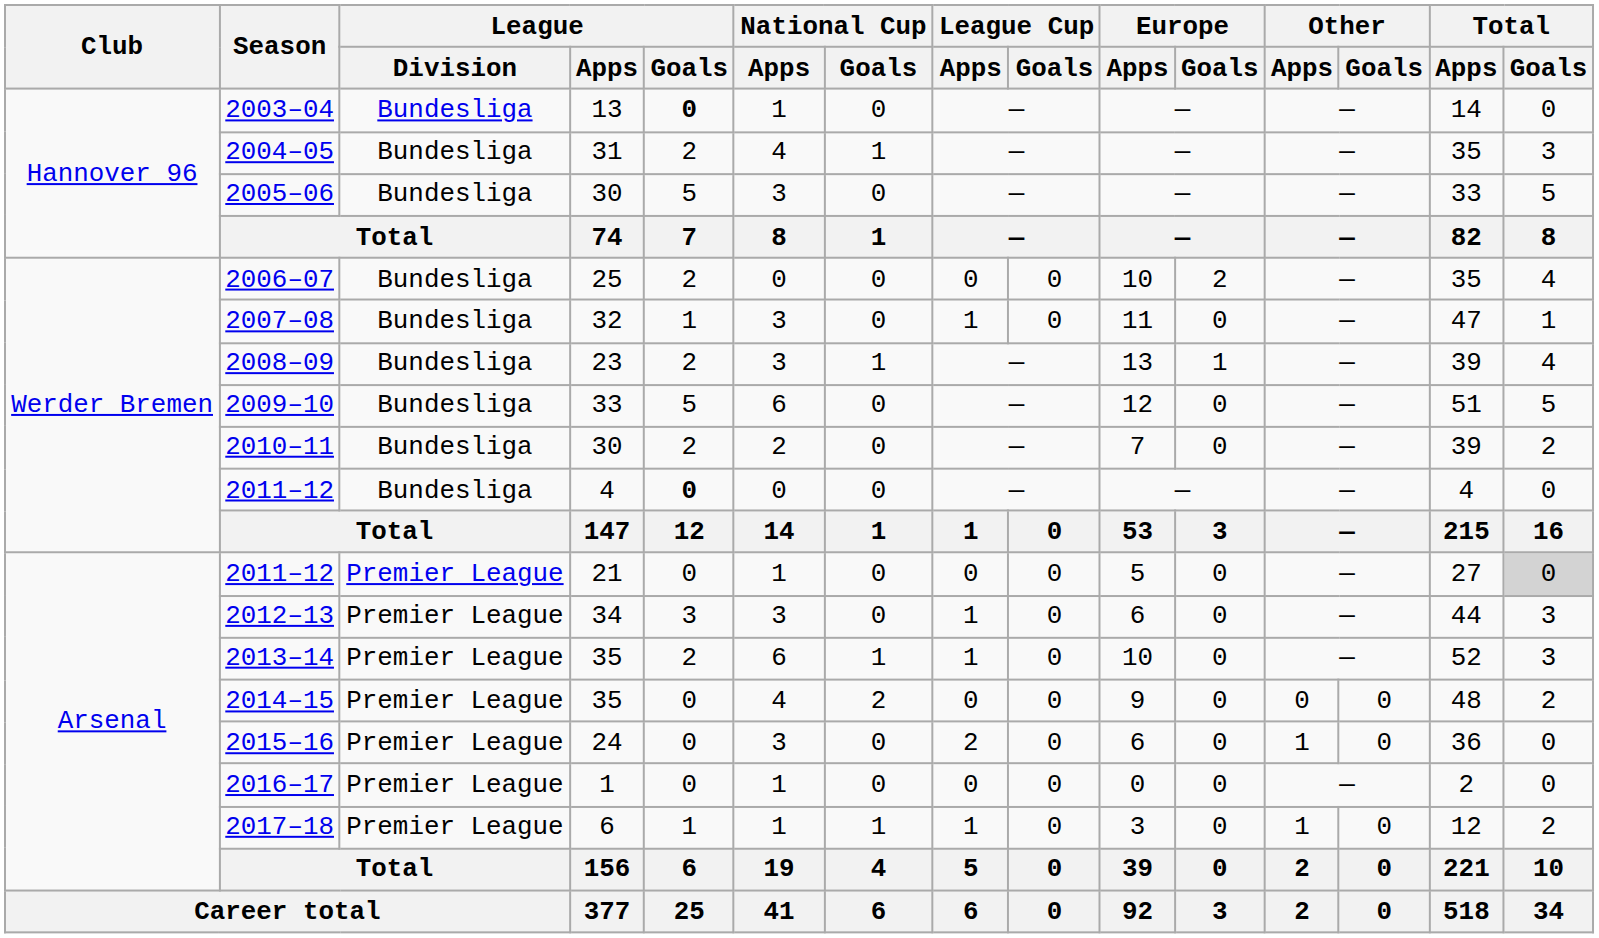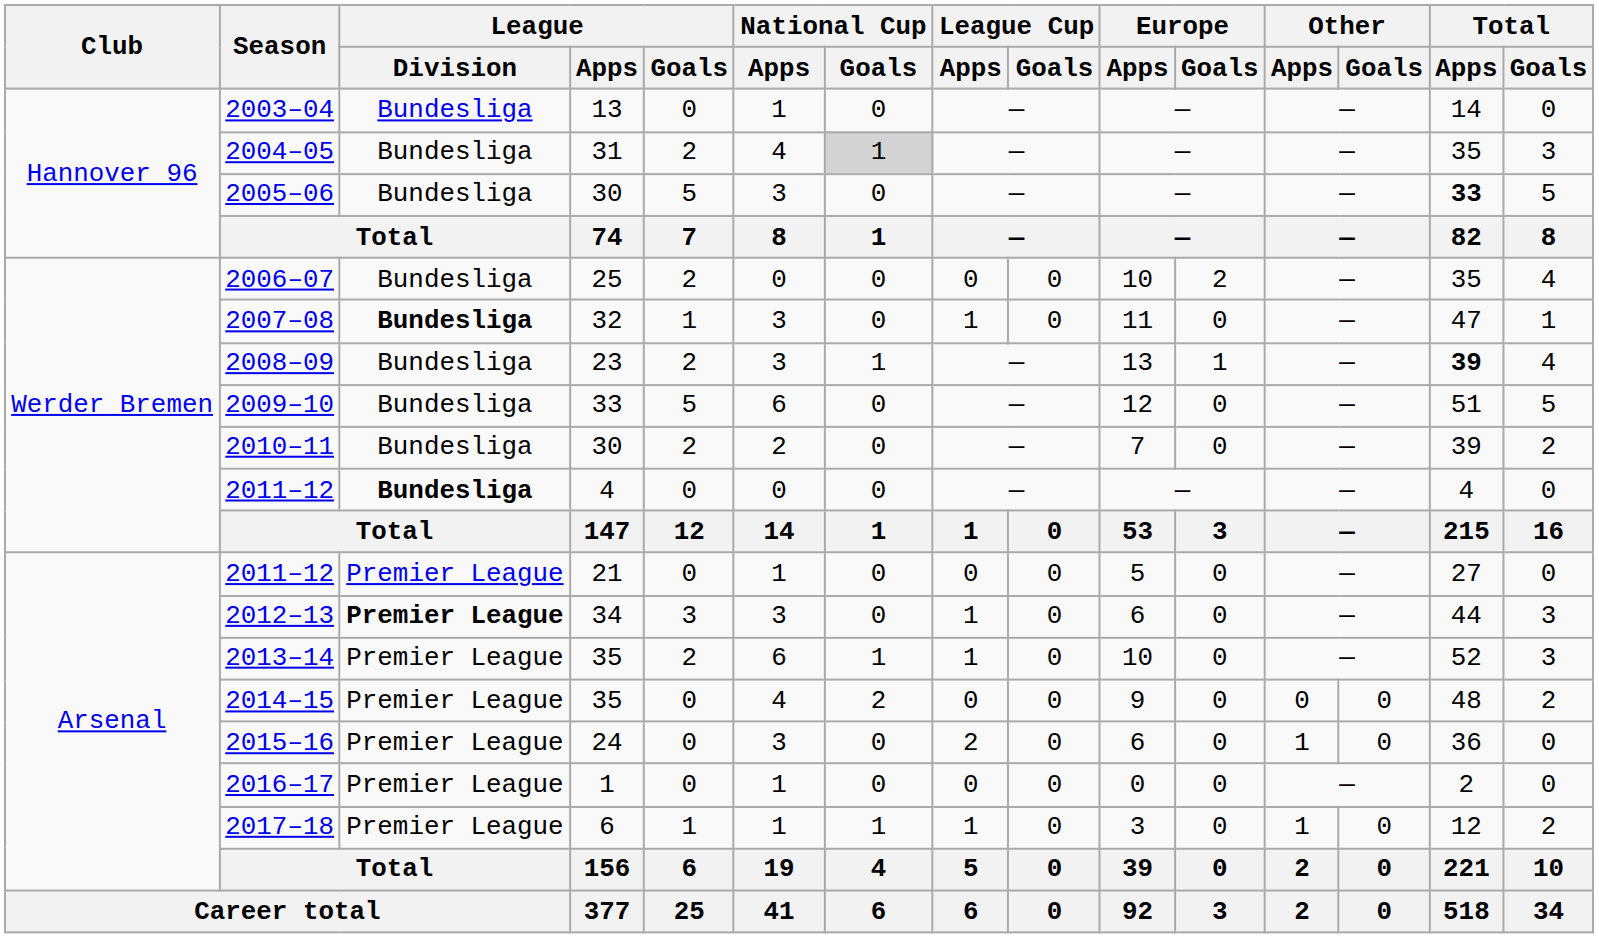 <table class="wikitable" style="text-align:center">
 <tr>
 <th rowspan="2">Club</th>
 <th rowspan="2">Season</th>
 <th colspan="3">League</th>
 <th colspan="2">National Cup</th>
 <th colspan="2">League Cup</th>
 <th colspan="2">Europe</th>
 <th colspan="2">Other</th>
 <th colspan="2">Total</th>
 </tr>
 <tr>
 <th>Division</th>
 <th>Apps</th>
 <th>Goals</th>
 <th>Apps</th>
 <th>Goals</th>
 <th>Apps</th>
 <th>Goals</th>
 <th>Apps</th>
 <th>Goals</th>
 <th>Apps</th>
 <th>Goals</th>
 <th>Apps</th>
 <th>Goals</th>
 </tr>
 <tr>
 <td rowspan="4"><a href='#'>Hannover 96</a></td>
 <td><a href='#'>2003–04</a></td>
 <td><a href='#'>Bundesliga</a></td>
 <td>13</td>
-<td><strong>0</strong></td>
+<td>0</td>
 <td>1</td>
 <td>0</td>
 <td colspan="2">—</td>
 <td colspan="2">—</td>
 <td colspan="2">—</td>
 <td>14</td>
 <td>0</td>
 </tr>
 <tr>
 <td><a href='#'>2004–05</a></td>
 <td>Bundesliga</td>
 <td>31</td>
 <td>2</td>
 <td>4</td>
-<td>1</td>
+<td style="background: lightgrey;">1</td>
 <td colspan="2">—</td>
 <td colspan="2">—</td>
 <td colspan="2">—</td>
 <td>35</td>
 <td>3</td>
 </tr>
 <tr>
 <td><a href='#'>2005–06</a></td>
 <td>Bundesliga</td>
 <td>30</td>
 <td>5</td>
 <td>3</td>
 <td>0</td>
 <td colspan="2">—</td>
 <td colspan="2">—</td>
 <td colspan="2">—</td>
-<td>33</td>
+<td><strong>33</strong></td>
 <td>5</td>
 </tr>
 <tr>
 <th colspan="2">Total</th>
 <th>74</th>
 <th>7</th>
 <th>8</th>
 <th>1</th>
 <th colspan="2">—</th>
 <th colspan="2">—</th>
 <th colspan="2">—</th>
 <th>82</th>
 <th>8</th>
 </tr>
 <tr>
 <td rowspan="7"><a href='#'>Werder Bremen</a></td>
 <td><a href='#'>2006–07</a></td>
 <td>Bundesliga</td>
 <td>25</td>
 <td>2</td>
 <td>0</td>
 <td>0</td>
 <td>0</td>
 <td>0</td>
 <td>10</td>
 <td>2</td>
 <td colspan="2">—</td>
 <td>35</td>
 <td>4</td>
 </tr>
 <tr>
 <td><a href='#'>2007–08</a></td>
-<td>Bundesliga</td>
+<td><strong>Bundesliga</strong></td>
 <td>32</td>
 <td>1</td>
 <td>3</td>
 <td>0</td>
 <td>1</td>
 <td>0</td>
 <td>11</td>
 <td>0</td>
 <td colspan="2">—</td>
 <td>47</td>
 <td>1</td>
 </tr>
 <tr>
 <td><a href='#'>2008–09</a></td>
 <td>Bundesliga</td>
 <td>23</td>
 <td>2</td>
 <td>3</td>
 <td>1</td>
 <td colspan="2">—</td>
 <td>13</td>
 <td>1</td>
 <td colspan="2">—</td>
-<td>39</td>
+<td><strong>39</strong></td>
 <td>4</td>
 </tr>
 <tr>
 <td><a href='#'>2009–10</a></td>
 <td>Bundesliga</td>
 <td>33</td>
 <td>5</td>
 <td>6</td>
 <td>0</td>
 <td colspan="2">—</td>
 <td>12</td>
 <td>0</td>
 <td colspan="2">—</td>
 <td>51</td>
 <td>5</td>
 </tr>
 <tr>
 <td><a href='#'>2010–11</a></td>
 <td>Bundesliga</td>
 <td>30</td>
 <td>2</td>
 <td>2</td>
 <td>0</td>
 <td colspan="2">—</td>
 <td>7</td>
 <td>0</td>
 <td colspan="2">—</td>
 <td>39</td>
 <td>2</td>
 </tr>
 <tr>
 <td><a href='#'>2011–12</a></td>
-<td>Bundesliga</td>
+<td><strong>Bundesliga</strong></td>
 <td>4</td>
-<td><strong>0</strong></td>
+<td>0</td>
 <td>0</td>
 <td>0</td>
 <td colspan="2">—</td>
 <td colspan="2">—</td>
 <td colspan="2">—</td>
 <td>4</td>
 <td>0</td>
 </tr>
 <tr>
 <th colspan="2">Total</th>
 <th>147</th>
 <th>12</th>
 <th>14</th>
 <th>1</th>
 <th>1</th>
 <th>0</th>
 <th>53</th>
 <th>3</th>
 <th colspan="2">—</th>
 <th>215</th>
 <th>16</th>
 </tr>
 <tr>
 <td rowspan="8"><a href='#'>Arsenal</a></td>
 <td><a href='#'>2011–12</a></td>
 <td><a href='#'>Premier League</a></td>
 <td>21</td>
 <td>0</td>
 <td>1</td>
 <td>0</td>
 <td>0</td>
 <td>0</td>
 <td>5</td>
 <td>0</td>
 <td colspan="2">—</td>
 <td>27</td>
-<td style="background: lightgrey;">0</td>
+<td>0</td>
 </tr>
 <tr>
 <td><a href='#'>2012–13</a></td>
-<td>Premier League</td>
+<td><strong>Premier League</strong></td>
 <td>34</td>
 <td>3</td>
 <td>3</td>
 <td>0</td>
 <td>1</td>
 <td>0</td>
 <td>6</td>
 <td>0</td>
 <td colspan="2">—</td>
 <td>44</td>
 <td>3</td>
 </tr>
 <tr>
 <td><a href='#'>2013–14</a></td>
 <td>Premier League</td>
 <td>35</td>
 <td>2</td>
 <td>6</td>
 <td>1</td>
 <td>1</td>
 <td>0</td>
 <td>10</td>
 <td>0</td>
 <td colspan="2">—</td>
 <td>52</td>
 <td>3</td>
 </tr>
 <tr>
 <td><a href='#'>2014–15</a></td>
 <td>Premier League</td>
 <td>35</td>
 <td>0</td>
 <td>4</td>
 <td>2</td>
 <td>0</td>
 <td>0</td>
 <td>9</td>
 <td>0</td>
 <td>0</td>
 <td>0</td>
 <td>48</td>
 <td>2</td>
 </tr>
 <tr>
 <td><a href='#'>2015–16</a></td>
 <td>Premier League</td>
 <td>24</td>
 <td>0</td>
 <td>3</td>
 <td>0</td>
 <td>2</td>
 <td>0</td>
 <td>6</td>
 <td>0</td>
 <td>1</td>
 <td>0</td>
 <td>36</td>
 <td>0</td>
 </tr>
 <tr>
 <td><a href='#'>2016–17</a></td>
 <td>Premier League</td>
 <td>1</td>
 <td>0</td>
 <td>1</td>
 <td>0</td>
 <td>0</td>
 <td>0</td>
 <td>0</td>
 <td>0</td>
 <td colspan="2">—</td>
 <td>2</td>
 <td>0</td>
 </tr>
 <tr>
 <td><a href='#'>2017–18</a></td>
 <td>Premier League</td>
 <td>6</td>
 <td>1</td>
 <td>1</td>
 <td>1</td>
 <td>1</td>
 <td>0</td>
 <td>3</td>
 <td>0</td>
 <td>1</td>
 <td>0</td>
 <td>12</td>
 <td>2</td>
 </tr>
 <tr>
 <th colspan="2">Total</th>
 <th>156</th>
 <th>6</th>
 <th>19</th>
 <th>4</th>
 <th>5</th>
 <th>0</th>
 <th>39</th>
 <th>0</th>
 <th>2</th>
 <th>0</th>
 <th>221</th>
 <th>10</th>
 </tr>
 <tr>
 <th colspan="3">Career total</th>
 <th>377</th>
 <th>25</th>
 <th>41</th>
 <th>6</th>
 <th>6</th>
 <th>0</th>
 <th>92</th>
 <th>3</th>
 <th>2</th>
 <th>0</th>
 <th>518</th>
 <th>34</th>
 </tr>
 </table>
